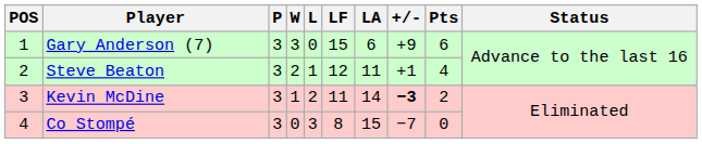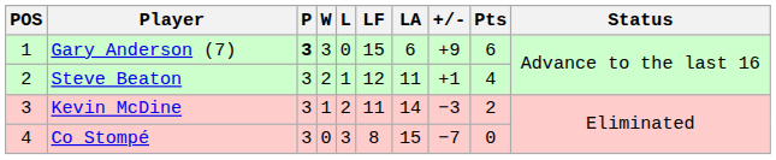 <table class="wikitable" style="text-align:center; margin: 1em auto 1em auto, align:left">
 <tr>
 <th width=20>POS</th>
 <th width=173>Player</th>
 <th width=3>P</th>
 <th width=3>W</th>
 <th width=3>L</th>
 <th width=20>LF</th>
 <th width=20>LA</th>
 <th width=20>+/-</th>
 <th width=20>Pts</th>
 <th width=179>Status</th>
 </tr>
 <tr style="background:#CCFFCC;">
 <td>1</td>
 <td style="text-align:left;"> <a href='#'>Gary Anderson</a> (7)</td>
-<td>3</td>
+<td><strong>3</strong></td>
 <td>3</td>
 <td>0</td>
 <td>15</td>
 <td>6</td>
 <td>+9</td>
 <td>6</td>
 <td rowspan=2>Advance to the last 16</td>
 </tr>
 <tr style="background:#CCFFCC;">
 <td>2</td>
 <td style="text-align:left;"> <a href='#'>Steve Beaton</a></td>
 <td>3</td>
 <td>2</td>
 <td>1</td>
 <td>12</td>
 <td>11</td>
 <td>+1</td>
 <td>4</td>
 </tr>
 <tr style="background:#FFCCCC;">
 <td>3</td>
 <td style="text-align:left;"> <a href='#'>Kevin McDine</a></td>
 <td>3</td>
 <td>1</td>
 <td>2</td>
 <td>11</td>
 <td>14</td>
-<td><strong>−3</strong></td>
+<td>−3</td>
 <td>2</td>
 <td rowspan=2>Eliminated</td>
 </tr>
 <tr style="background:#FFCCCC;">
 <td>4</td>
 <td style="text-align:left;"> <a href='#'>Co Stompé</a></td>
 <td>3</td>
 <td>0</td>
 <td>3</td>
 <td>8</td>
 <td>15</td>
 <td>−7</td>
 <td>0</td>
 </tr>
 </table>
